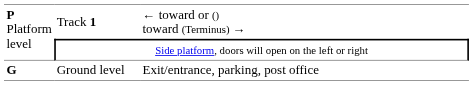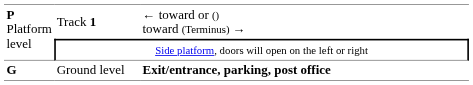 <table border="0" cellspacing="0" cellpadding="3" table>
 <tr>
 <td rowspan="2" style="border-top:solid 1px gray;border-bottom:solid 1px gray;" valign="top"><strong>P</strong><br>Platform level</td>
 <td style="border-top:solid 1px gray;">Track <strong>1</strong></td>
 <td style="border-top:solid 1px gray;">←  toward  or  <small>()</small><br>  toward  <small>(Terminus)</small> →</td>
 </tr>
 <tr>
 <td colspan="2" style="border-bottom:solid 1px gray;border-top:solid 2px black;border-right:solid 2px black;border-left:solid 2px black;text-align:center;"><small><a href='#'>Side platform</a>, doors will open on the left or right</small> </td>
 </tr>
 <tr>
 <td style="border-bottom:solid 1px gray;" width="50"><strong>G</strong></td>
 <td style="border-bottom:solid 1px gray;" width="100">Ground level</td>
-<td style="border-bottom:solid 1px gray;" width="400">Exit/entrance, parking, post office</td>
+<td style="border-bottom:solid 1px gray;" width="400"><strong>Exit/entrance, parking, post office</strong></td>
 </tr>
 </table>
